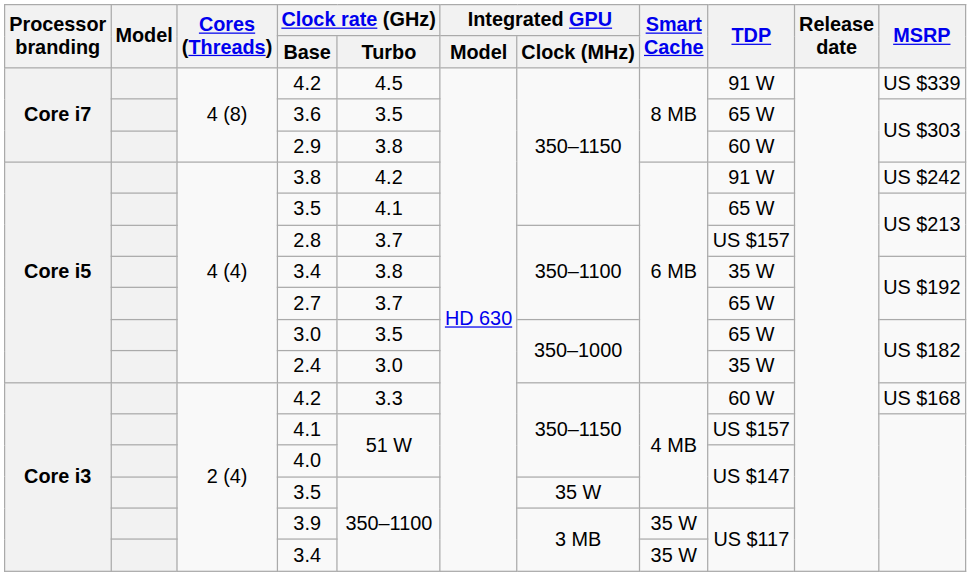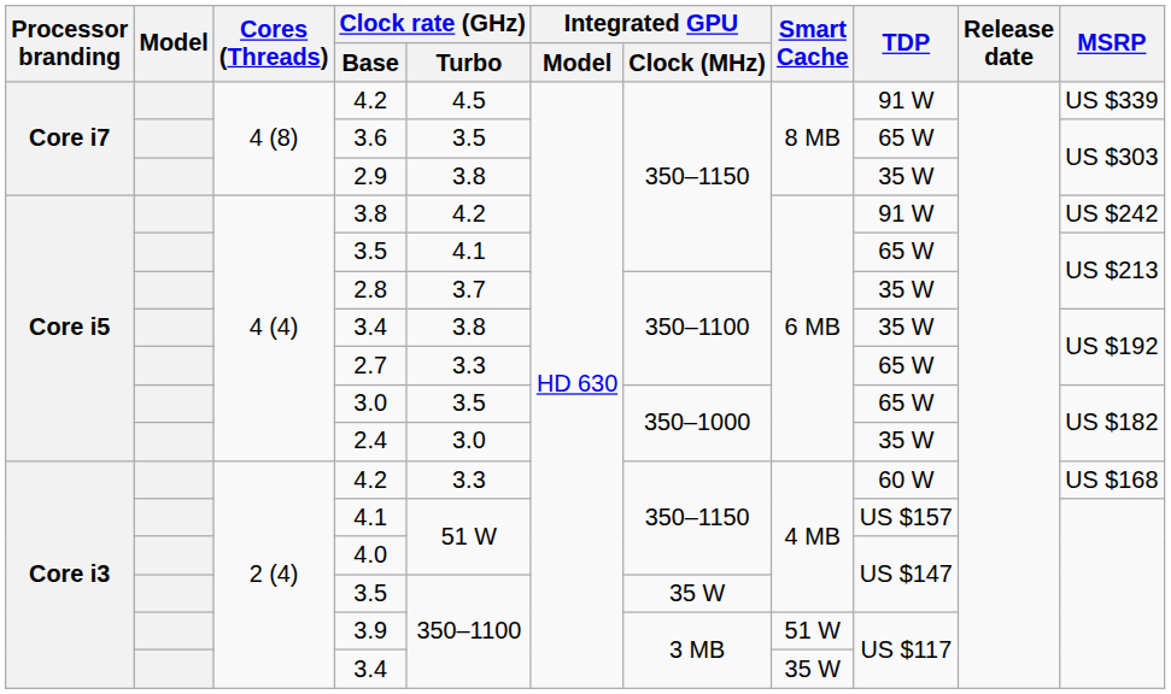 <table class="wikitable sortable nowrap" style="text-align: center;">
 <tr>
 <th class="unsortable" rowspan="2">Processor<br>branding</th>
 <th rowspan="2">Model</th>
 <th class="unsortable" rowspan="2"><a href='#'>Cores</a><br>(<a href='#'>Threads</a>)</th>
 <th colspan="2"><a href='#'>Clock rate</a> (GHz)</th>
 <th colspan="2">Integrated <a href='#'>GPU</a></th>
 <th class="unsortable" rowspan="2"><a href='#'>Smart<br>Cache</a></th>
 <th rowspan="2"><a href='#'>TDP</a></th>
 <th rowspan="2">Release<br>date</th>
 <th class="unsortable" rowspan="2"><a href='#'>MSRP</a></th>
 </tr>
 <tr>
 <th class="unsortable">Base</th>
 <th class="unsortable">Turbo</th>
 <th class="unsortable">Model</th>
 <th class="unsortable">Clock (MHz)</th>
 </tr>
 <tr>
 <th rowspan="3">Core i7</th>
 <th style="text-align:left;" data-sort-value="sku16"></th>
 <td rowspan="3">4 (8)</td>
 <td>4.2</td>
 <td>4.5</td>
 <td rowspan="16"><a href='#'>HD 630</a></td>
 <td rowspan="5">350–1150</td>
 <td rowspan="3">8 MB</td>
 <td>91 W</td>
 <td rowspan="16"></td>
 <td>US $339</td>
 </tr>
 <tr>
 <th style="text-align:left;" data-sort-value="sku15"></th>
 <td>3.6</td>
 <td>3.5</td>
 <td>65 W</td>
 <td rowspan="2">US $303</td>
 </tr>
 <tr>
 <th style="text-align:left;" data-sort-value="sku14"></th>
 <td>2.9</td>
 <td>3.8</td>
-<td>60 W</td>
+<td>35 W</td>
 </tr>
 <tr>
 <th rowspan="7">Core i5</th>
 <th style="text-align:left;" data-sort-value="sku13"></th>
 <td rowspan="7">4 (4)</td>
 <td>3.8</td>
 <td>4.2</td>
 <td rowspan="7">6 MB</td>
 <td>91 W</td>
 <td>US $242</td>
 </tr>
 <tr>
 <th style="text-align:left;" data-sort-value="sku12"></th>
 <td>3.5</td>
 <td>4.1</td>
 <td>65 W</td>
 <td rowspan="2">US $213</td>
 </tr>
 <tr>
 <th style="text-align:left;" data-sort-value="sku11"></th>
 <td>2.8</td>
 <td>3.7</td>
 <td rowspan="3">350–1100</td>
-<td>US $157</td>
+<td>35 W</td>
 </tr>
 <tr>
 <th style="text-align:left;" data-sort-value="sku10"></th>
 <td>3.4</td>
 <td>3.8</td>
 <td>35 W</td>
 <td rowspan="2">US $192</td>
 </tr>
 <tr>
 <th style="text-align:left;" data-sort-value="sku9"></th>
 <td>2.7</td>
-<td>3.7</td>
+<td>3.3</td>
 <td>65 W</td>
 </tr>
 <tr>
 <th style="text-align:left;" data-sort-value="sku8"></th>
 <td>3.0</td>
 <td>3.5</td>
 <td rowspan="2">350–1000</td>
 <td>65 W</td>
 <td rowspan="2">US $182</td>
 </tr>
 <tr>
 <th style="text-align:left;" data-sort-value="sku7"></th>
 <td>2.4</td>
 <td>3.0</td>
 <td>35 W</td>
 </tr>
 <tr>
 <th rowspan="6">Core i3</th>
 <th style="text-align:left;" data-sort-value="sku6"></th>
 <td rowspan="6">2 (4)</td>
 <td>4.2</td>
 <td>3.3</td>
 <td rowspan="3">350–1150</td>
 <td rowspan="4">4 MB</td>
 <td>60 W</td>
 <td>US $168</td>
 </tr>
 <tr>
 <th style="text-align:left;" data-sort-value="sku5"></th>
 <td>4.1</td>
 <td rowspan="2">51 W</td>
 <td>US $157</td>
 </tr>
 <tr>
 <th style="text-align:left;" data-sort-value="sku4"></th>
 <td>4.0</td>
 <td rowspan="2">US $147</td>
 </tr>
 <tr>
 <th style="text-align:left;" data-sort-value="sku3"></th>
 <td>3.5</td>
 <td rowspan="3">350–1100</td>
 <td>35 W</td>
 </tr>
 <tr>
 <th style="text-align:left;" data-sort-value="sku2"></th>
 <td>3.9</td>
 <td rowspan="2">3 MB</td>
-<td>35 W</td>
+<td>51 W</td>
 <td rowspan="2">US $117</td>
 </tr>
 <tr>
 <th style="text-align:left;" data-sort-value="sku1"></th>
 <td>3.4</td>
 <td>35 W</td>
 </tr>
 </table>
